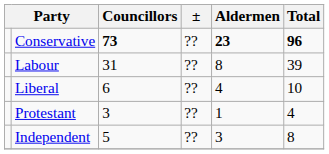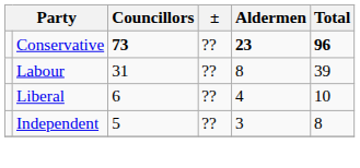 <table class="wikitable">
 <tr>
 <th colspan="2">Party</th>
 <th>Councillors</th>
 <th>  ±  </th>
 <th>Aldermen</th>
 <th>Total</th>
 </tr>
 <tr>
 <td style="background-color: "></td>
 <td><a href='#'>Conservative</a></td>
 <td><strong>73</strong></td>
 <td>??</td>
 <td><strong>23</strong></td>
 <td><strong>96</strong></td>
 </tr>
 <tr>
 <td style="background-color: "></td>
 <td><a href='#'>Labour</a></td>
 <td>31</td>
 <td>??</td>
 <td>8</td>
 <td>39</td>
 </tr>
 <tr>
 <td style="background-color: "></td>
 <td><a href='#'>Liberal</a></td>
 <td>6</td>
 <td>??</td>
 <td>4</td>
 <td>10</td>
 </tr>
 <tr>
 <td style="background-color: "></td>
-<td><a href='#'>Protestant</a></td>
-<td>3</td>
-<td>??</td>
-<td>1</td>
-<td>4</td>
-</tr>
-<tr>
-<td style="background-color: "></td>
 <td><a href='#'>Independent</a></td>
 <td>5</td>
 <td>??</td>
 <td>3</td>
 <td>8</td>
 </tr>
 <tr>
 </tr>
 </table>
